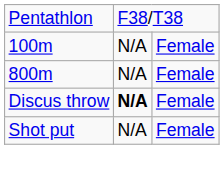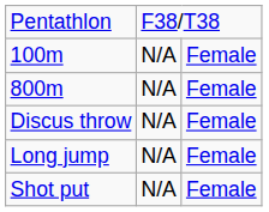 <table class="wikitable">
 <tr>
 <td><a href='#'>Pentathlon</a></td>
 <td colspan="2"><a href='#'>F38</a>/<a href='#'>T38</a></td>
 </tr>
 <tr>
 <td><a href='#'>100m</a></td>
 <td>N/A</td>
 <td><a href='#'>Female</a></td>
 </tr>
 <tr>
 <td><a href='#'>800m</a></td>
 <td>N/A</td>
 <td><a href='#'>Female</a></td>
 </tr>
 <tr>
 <td><a href='#'>Discus throw</a></td>
-<td><strong>N/A</strong></td>
+<td>N/A</td>
+<td><a href='#'>Female</a></td>
+</tr>
+<tr>
+<td><a href='#'>Long jump</a></td>
+<td>N/A</td>
 <td><a href='#'>Female</a></td>
 </tr>
 <tr>
 <td><a href='#'>Shot put</a></td>
 <td>N/A</td>
 <td><a href='#'>Female</a></td>
 </tr>
 </table>
